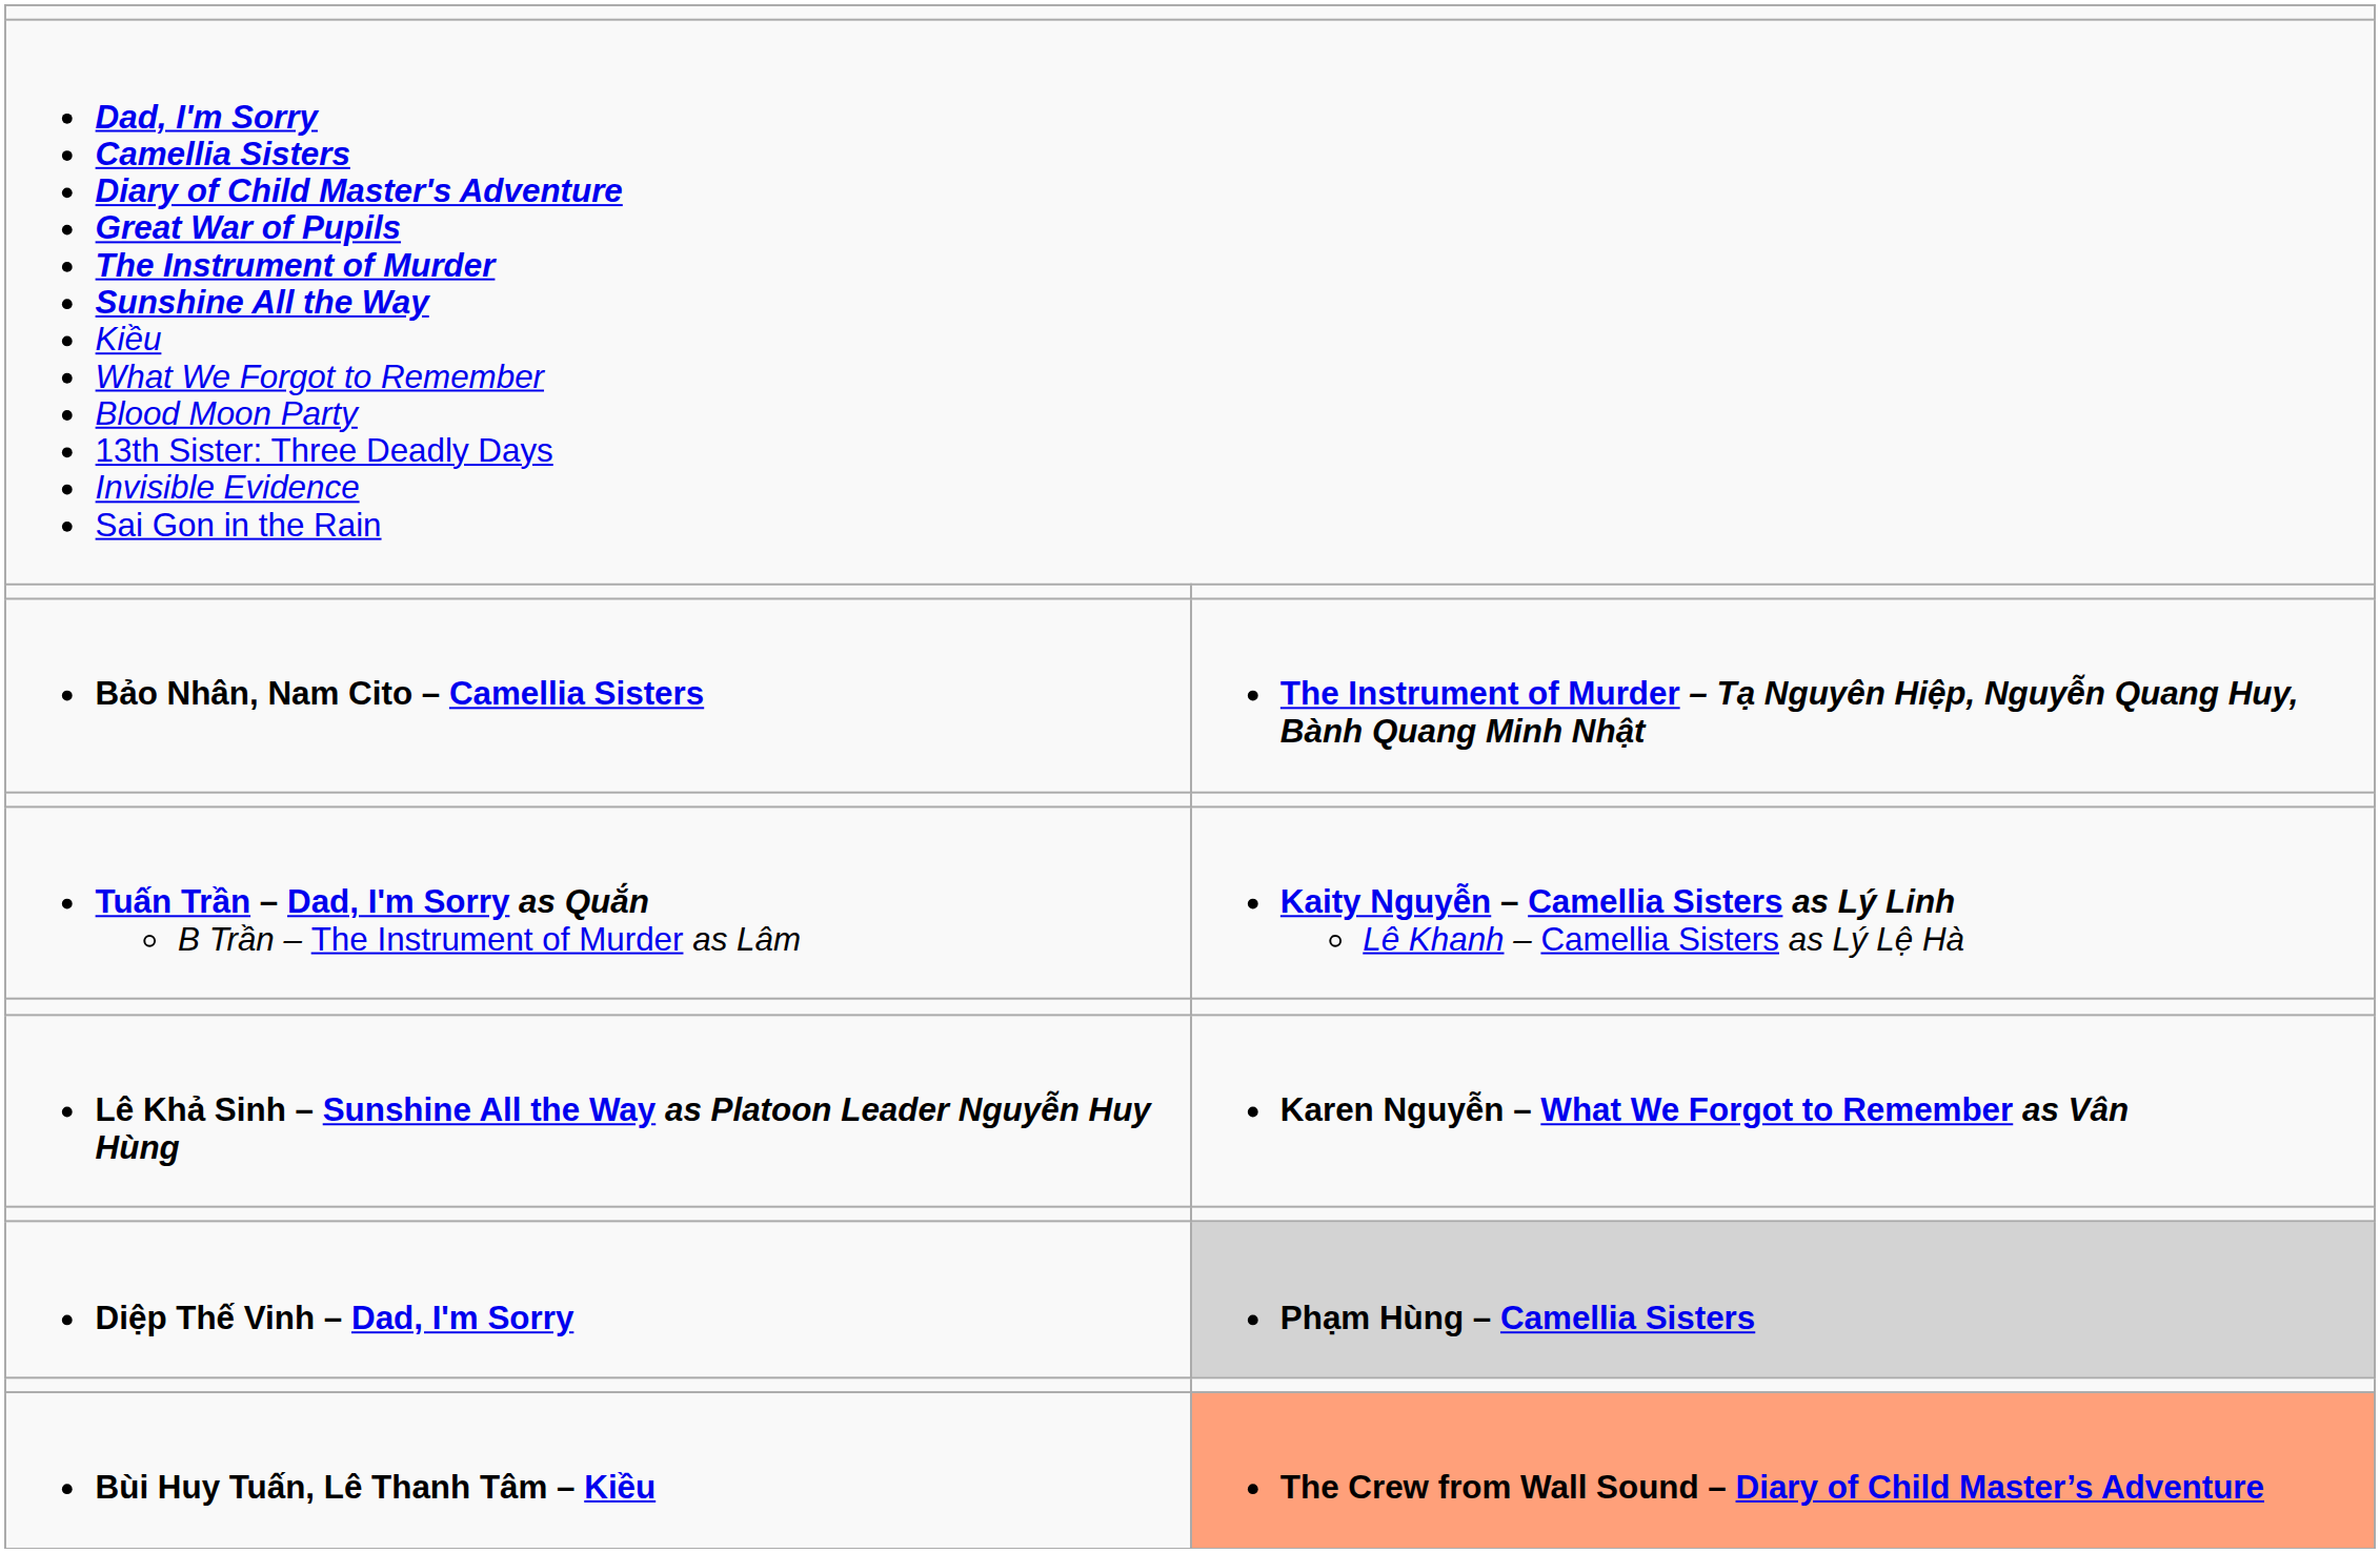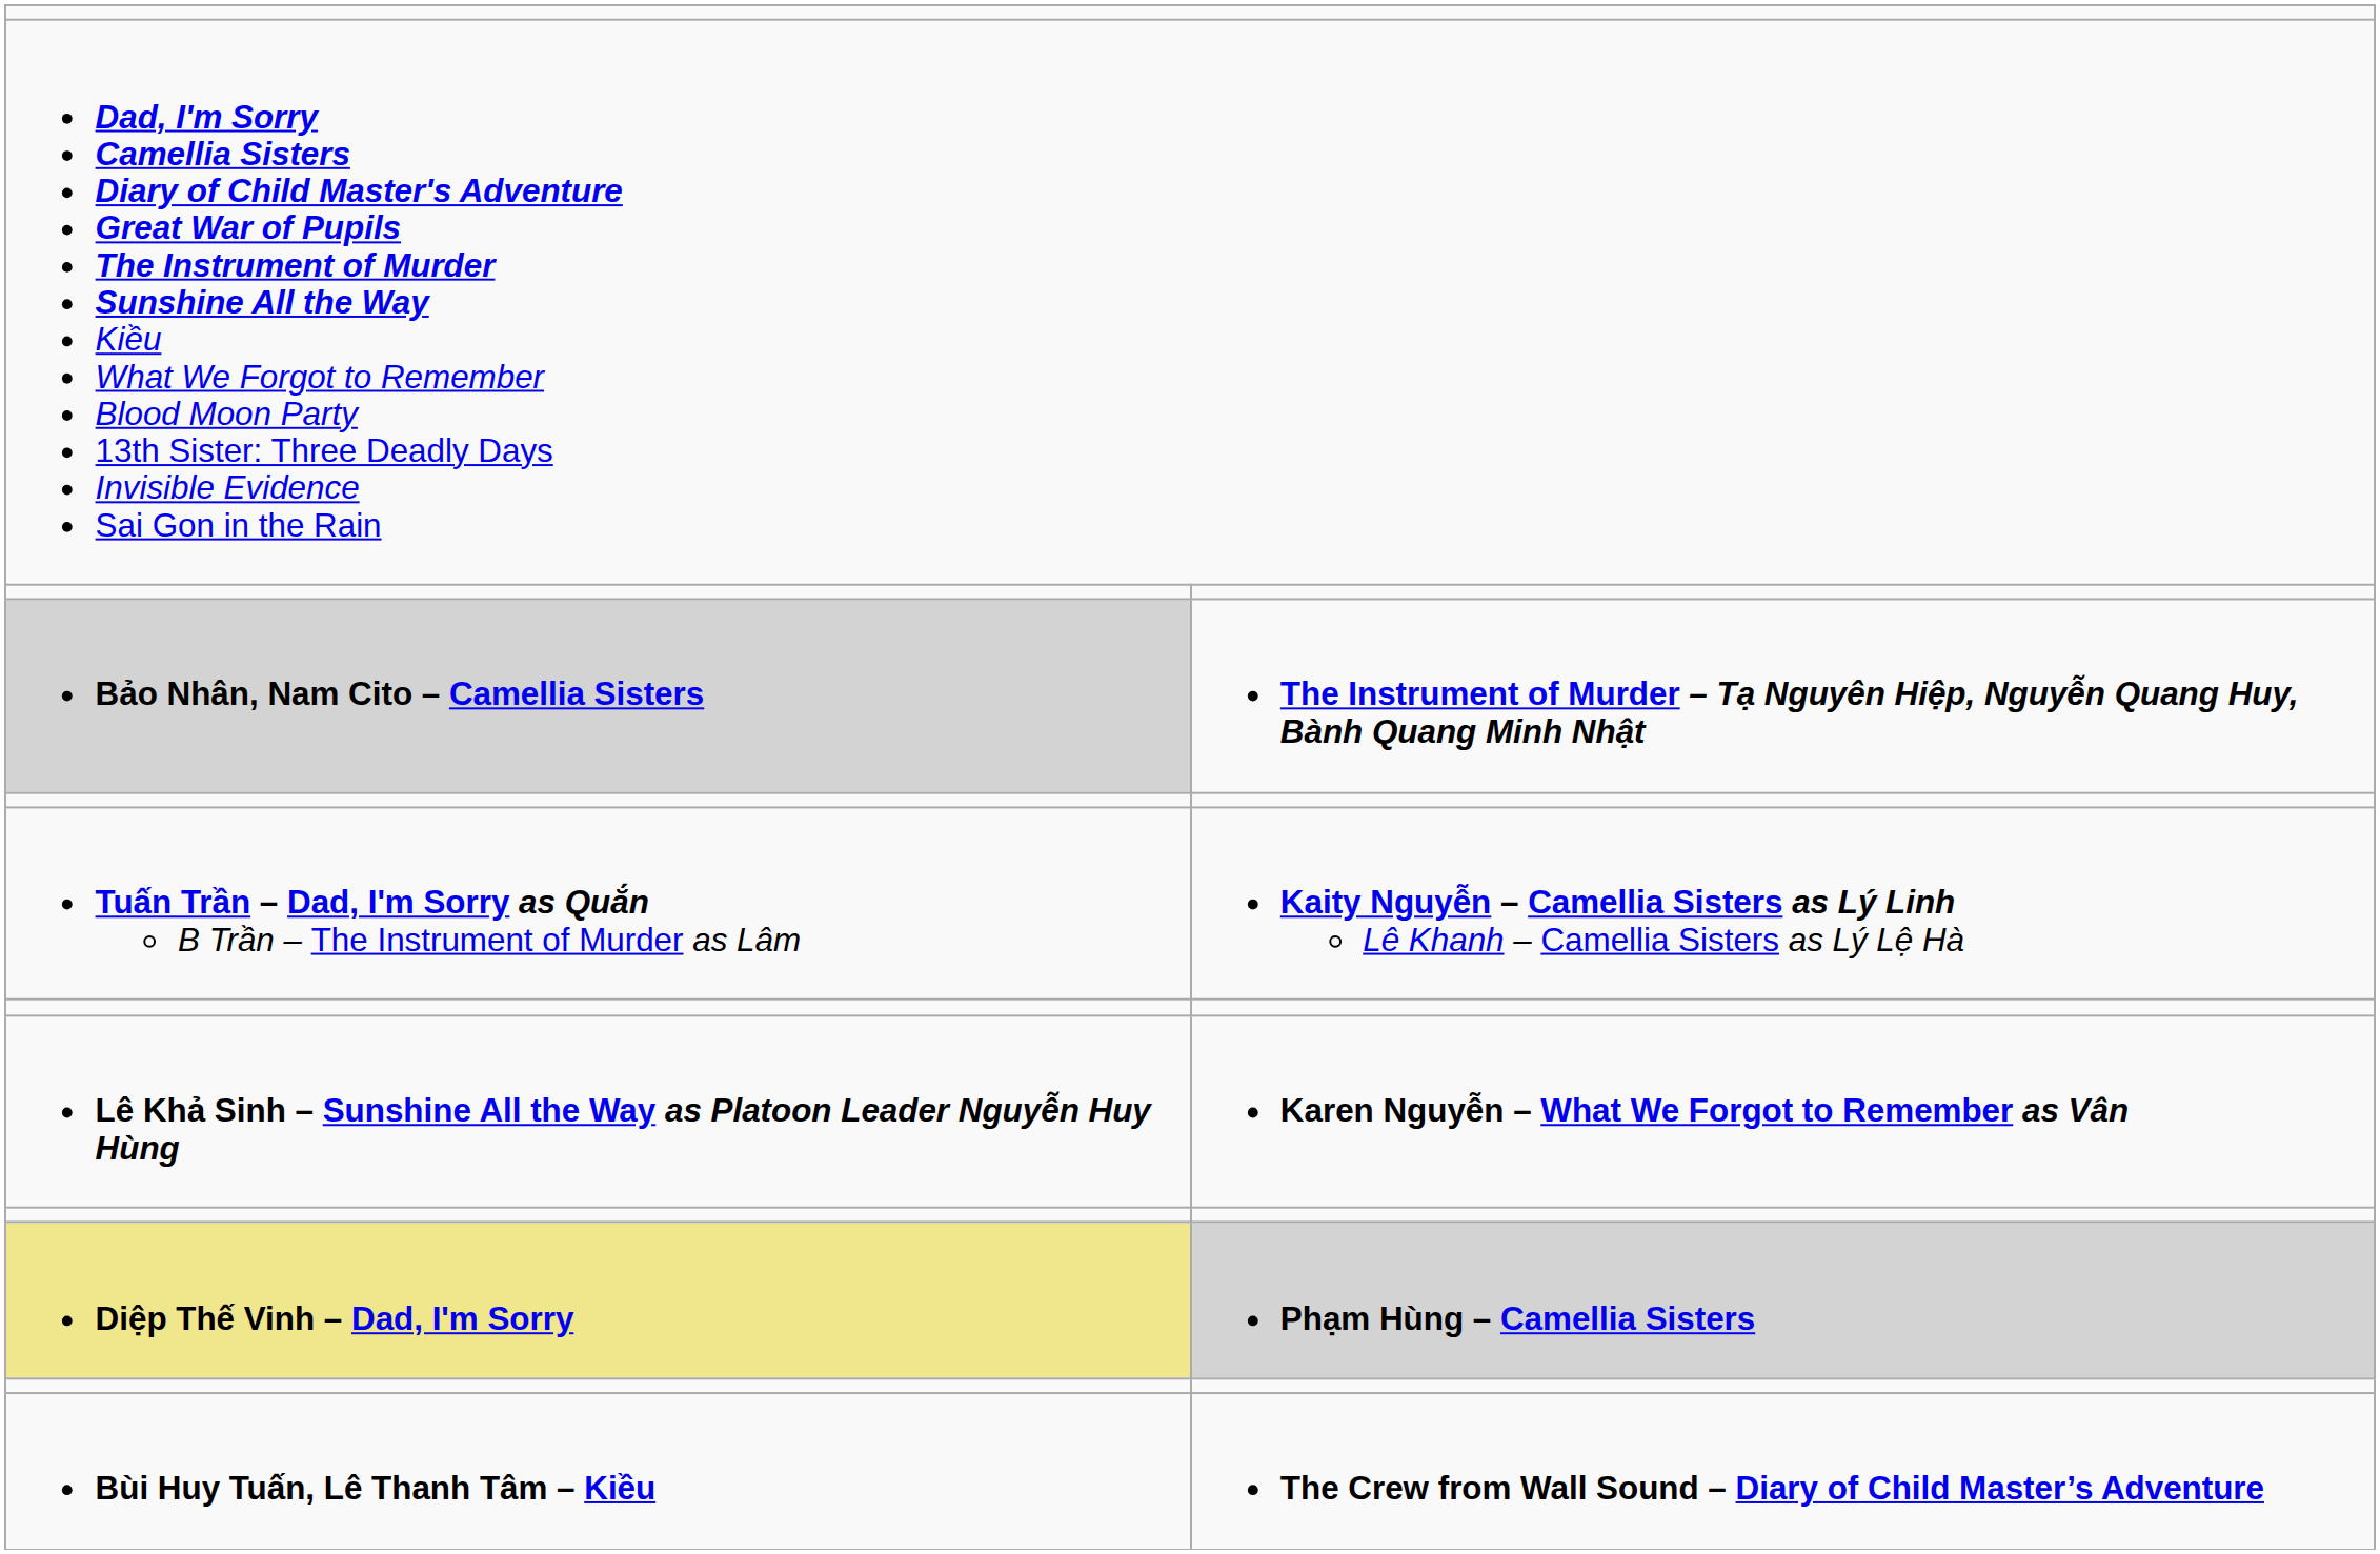 <table class="wikitable" align="center" style="width:91%">
 <tr>
 <td colspan="2" style="vertical-align:top; width:100%;"></td>
 </tr>
 <tr>
 <td colspan="2" valign="top"><br><ul><li><strong><em><span><a href='#'>Dad, I'm Sorry</a></span></em></strong></li><li><strong><em><span><a href='#'>Camellia Sisters</a></span></em></strong></li><li><strong><em><span><a href='#'>Diary of Child Master's Adventure</a></span></em></strong></li><li><strong><em><span><a href='#'>Great War of Pupils</a></span></em></strong></li><li><strong><em><span><a href='#'>The Instrument of Murder</a></span></em></strong></li><li><strong><em><span><a href='#'>Sunshine All the Way</a></span></em></strong></li><li><em><a href='#'>Kiều</a></em></li><li><em><a href='#'>What We Forgot to Remember</a></em></li><li><em><a href='#'>Blood Moon Party</a></li><li></em><a href='#'>13th Sister: Three Deadly Days</a></li><li><em><a href='#'>Invisible Evidence</a></li><li></em><a href='#'>Sai Gon in the Rain</a><em></li></ul></td>
 </tr>
 <tr>
 <td style="vertical-align:top; width:50%;"></td>
 <td style="vertical-align:top; width:50%;"></td>
 </tr>
 <tr>
-<td valign="top"><br><ul><li><strong>Bảo Nhân, Nam Cito – </em><a href='#'>Camellia Sisters</a><em> </strong></li></ul></td>
+<td valign="top" style="background: lightgrey;"><br><ul><li><strong>Bảo Nhân, Nam Cito – </em><a href='#'>Camellia Sisters</a><em> </strong></li></ul></td>
 <td valign="top"><br><ul><li><strong> </em><a href='#'>The Instrument of Murder</a><em> – Tạ Nguyên Hiệp, Nguyễn Quang Huy, Bành Quang Minh Nhật </strong></li></ul></td>
 </tr>
 <tr>
 <td style="vertical-align:top; width:50%;"></td>
 <td style="vertical-align:top; width:50%;"></td>
 </tr>
 <tr>
 <td valign="top"><br><ul><li><strong><a href='#'>Tuấn Trần</a> – </em><a href='#'>Dad, I'm Sorry</a><em> as Quắn </strong><ul><li>B Trần – </em><a href='#'>The Instrument of Murder</a><em> as Lâm</li></ul></li></ul></td>
 <td valign="top"><br><ul><li><strong><a href='#'>Kaity Nguyễn</a> – </em><a href='#'>Camellia Sisters</a><em> as Lý Linh </strong><ul><li><a href='#'>Lê Khanh</a> – </em><a href='#'>Camellia Sisters</a><em> as Lý Lệ Hà</li></ul></li></ul></td>
 </tr>
 <tr>
 <td style="vertical-align:top; width:50%;"></td>
 <td style="vertical-align:top; width:50%;"></td>
 </tr>
 <tr>
 <td valign="top"><br><ul><li><strong>Lê Khả Sinh – </em><a href='#'>Sunshine All the Way</a><em> as Platoon Leader Nguyễn Huy Hùng </strong></li></ul></td>
 <td valign="top"><br><ul><li><strong>Karen Nguyễn – </em><a href='#'>What We Forgot to Remember</a><em> as Vân </strong></li></ul></td>
 </tr>
 <tr>
 <td style="vertical-align:top; width:50%;"></td>
 <td style="vertical-align:top; width:50%;"></td>
 </tr>
 <tr>
-<td valign="top"><br><ul><li><strong>Diệp Thế Vinh – </em><a href='#'>Dad, I'm Sorry</a><em> </strong></li></ul></td>
+<td valign="top" style="background: khaki;"><br><ul><li><strong>Diệp Thế Vinh – </em><a href='#'>Dad, I'm Sorry</a><em> </strong></li></ul></td>
 <td valign="top" style="background: lightgrey;"><br><ul><li><strong>Phạm Hùng – </em><a href='#'>Camellia Sisters</a><em> </strong></li></ul></td>
 </tr>
 <tr>
 <td style="vertical-align:top; width:50%;"></td>
 <td style="vertical-align:top; width:50%;"></td>
 </tr>
 <tr>
 <td valign="top"><br><ul><li><strong>Bùi Huy Tuấn, Lê Thanh Tâm – </em><a href='#'>Kiều</a><em> </strong></li></ul></td>
-<td valign="top" style="background: lightsalmon;"><br><ul><li><strong> The Crew from Wall Sound – </em><a href='#'>Diary of Child Master’s Adventure</a><em> </strong></li></ul></td>
+<td valign="top"><br><ul><li><strong> The Crew from Wall Sound – </em><a href='#'>Diary of Child Master’s Adventure</a><em> </strong></li></ul></td>
 </tr>
 </table>
